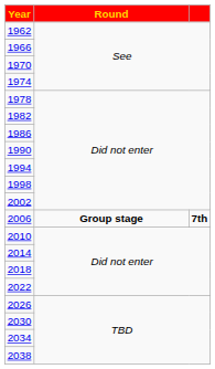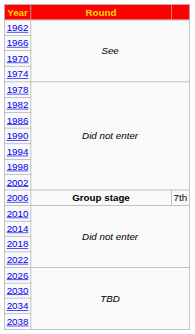 <table class="wikitable" style="text-align: center; font-size:90%">
 <tr style="color:gold;">
 <th style="background:#FF0000;">Year</th>
 <th style="background:#FF0000; width:200px">Round</th>
 <th style="background:#FF0000;"></th>
 </tr>
 <tr>
 <td><a href='#'>1962</a></td>
 <td colspan="2" rowspan="4"><em>See </em></td>
 </tr>
 <tr>
 <td><a href='#'>1966</a></td>
 </tr>
 <tr>
 <td><a href='#'>1970</a></td>
 </tr>
 <tr>
 <td><a href='#'>1974</a></td>
 </tr>
 <tr>
 <td><a href='#'>1978</a></td>
 <td colspan="2" rowspan="7"><em>Did not enter</em></td>
 </tr>
 <tr>
 <td><a href='#'>1982</a></td>
 </tr>
 <tr>
 <td><a href='#'>1986</a></td>
 </tr>
 <tr>
 <td><a href='#'>1990</a></td>
 </tr>
 <tr>
 <td><a href='#'>1994</a></td>
 </tr>
 <tr>
 <td><a href='#'>1998</a></td>
 </tr>
 <tr>
 <td><a href='#'>2002</a></td>
 </tr>
 <tr>
 <td><a href='#'>2006</a></td>
 <td><strong>Group stage</strong></td>
-<td><strong>7th</strong></td>
+<td>7th</td>
 </tr>
 <tr>
 <td><a href='#'>2010</a></td>
 <td colspan="2" rowspan="4"><em>Did not enter</em></td>
 </tr>
 <tr>
 <td><a href='#'>2014</a></td>
 </tr>
 <tr>
 <td><a href='#'>2018</a></td>
 </tr>
 <tr>
 <td><a href='#'>2022</a></td>
 </tr>
 <tr>
 <td><a href='#'>2026</a></td>
 <td colspan="2" rowspan="4"><em>TBD</em></td>
 </tr>
 <tr>
 <td><a href='#'>2030</a></td>
 </tr>
 <tr>
 <td><a href='#'>2034</a></td>
 </tr>
 <tr>
 <td><a href='#'>2038</a></td>
 </tr>
 </table>
